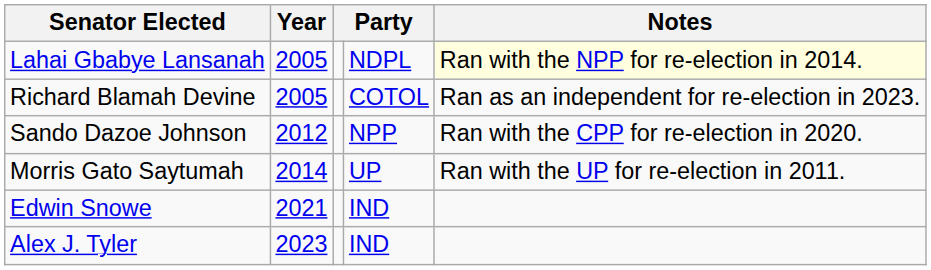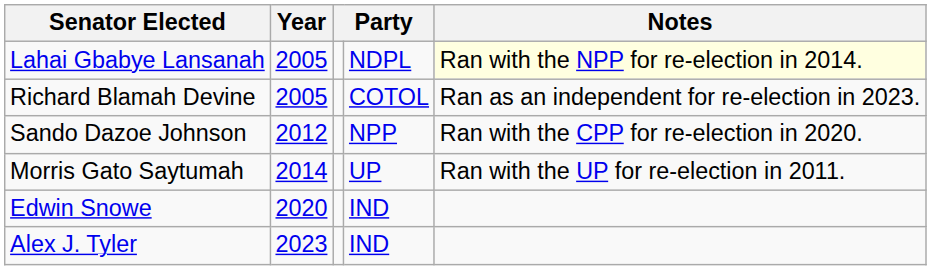 <table class="wikitable">
 <tr>
 <th>Senator Elected</th>
 <th>Year</th>
 <th colspan=2>Party</th>
 <th>Notes</th>
 </tr>
 <tr>
 <td><a href='#'>Lahai Gbabye Lansanah</a></td>
 <td><a href='#'>2005</a></td>
 <td></td>
 <td><a href='#'>NDPL</a></td>
 <td style="background: lightyellow;">Ran with the <a href='#'>NPP</a> for re-election in 2014.</td>
 </tr>
 <tr>
 <td>Richard Blamah Devine</td>
 <td><a href='#'>2005</a></td>
 <td></td>
 <td><a href='#'>COTOL</a></td>
 <td>Ran as an independent for re-election in 2023.</td>
 </tr>
 <tr>
 <td>Sando Dazoe Johnson</td>
 <td><a href='#'>2012</a></td>
 <td></td>
 <td><a href='#'>NPP</a></td>
 <td>Ran with the <a href='#'>CPP</a> for re-election in 2020.</td>
 </tr>
 <tr>
 <td>Morris Gato Saytumah</td>
 <td><a href='#'>2014</a></td>
 <td></td>
 <td><a href='#'>UP</a></td>
 <td>Ran with the <a href='#'>UP</a> for re-election in 2011.</td>
 </tr>
 <tr>
 <td><a href='#'>Edwin Snowe</a></td>
-<td><a href='#'>2021</a></td>
+<td><a href='#'>2020</a></td>
 <td></td>
 <td><a href='#'>IND</a></td>
 <td></td>
 </tr>
 <tr>
 <td><a href='#'>Alex J. Tyler</a></td>
 <td><a href='#'>2023</a></td>
 <td></td>
 <td><a href='#'>IND</a></td>
 <td></td>
 </tr>
 </table>
